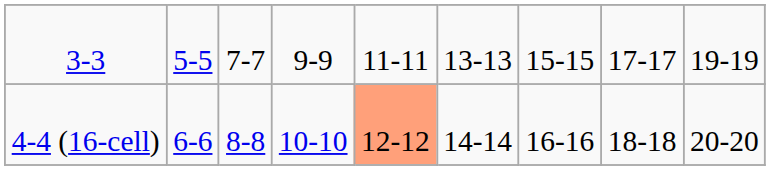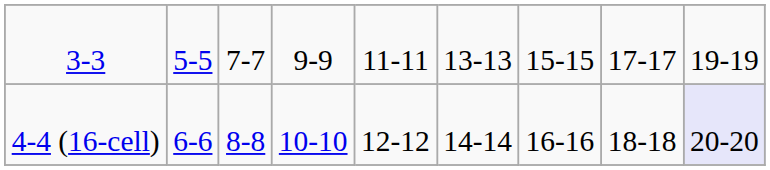 <table class=wikitable>
 <tr align=center>
 <td><br><a href='#'>3-3</a></td>
 <td><br><a href='#'>5-5</a></td>
 <td><br>7-7</td>
 <td><br>9-9</td>
 <td><br>11-11</td>
 <td><br>13-13</td>
 <td><br>15-15</td>
 <td><br>17-17</td>
 <td><br>19-19</td>
 </tr>
 <tr align=center>
 <td><br><a href='#'>4-4</a> (<a href='#'>16-cell</a>)</td>
 <td><br><a href='#'>6-6</a></td>
 <td><br><a href='#'>8-8</a></td>
 <td><br><a href='#'>10-10</a></td>
-<td style="background: lightsalmon;"><br>12-12</td>
+<td><br>12-12</td>
 <td><br>14-14</td>
 <td><br>16-16</td>
 <td><br>18-18</td>
-<td><br>20-20</td>
+<td style="background: lavender;"><br>20-20</td>
 </tr>
 </table>
